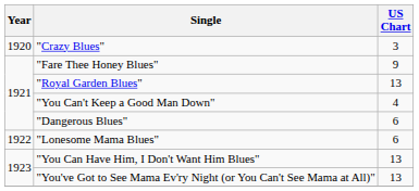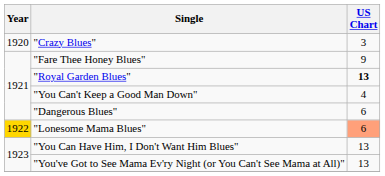 <table class="wikitable">
 <tr>
 <th>Year</th>
 <th>Single</th>
 <th><a href='#'>US<br>Chart</a></th>
 </tr>
 <tr>
 <td>1920</td>
 <td>"<a href='#'>Crazy Blues</a>"</td>
 <td align="center">3</td>
 </tr>
 <tr>
 <td rowspan="4">1921</td>
 <td>"Fare Thee Honey Blues"</td>
 <td align="center">9</td>
 </tr>
 <tr>
 <td>"<a href='#'>Royal Garden Blues</a>"</td>
-<td align="center">13</td>
+<td align="center"><strong>13</strong></td>
 </tr>
 <tr>
 <td>"You Can't Keep a Good Man Down"</td>
 <td align="center">4</td>
 </tr>
 <tr>
 <td>"Dangerous Blues"</td>
 <td align="center">6</td>
 </tr>
 <tr>
-<td>1922</td>
+<td style="background: gold;">1922</td>
 <td>"Lonesome Mama Blues"</td>
-<td align="center">6</td>
+<td align="center" style="background: lightsalmon;">6</td>
 </tr>
 <tr>
 <td rowspan="2">1923</td>
 <td>"You Can Have Him, I Don't Want Him Blues"</td>
 <td align="center">13</td>
 </tr>
 <tr>
 <td>"You've Got to See Mama Ev'ry Night (or You Can't See Mama at All)"</td>
 <td align="center">13</td>
 </tr>
 <tr>
 </tr>
 </table>
